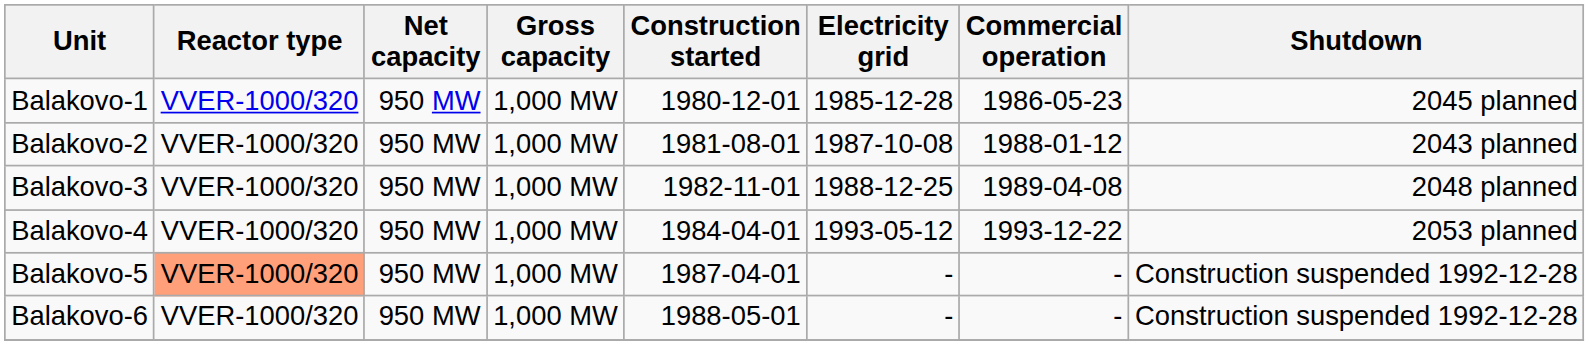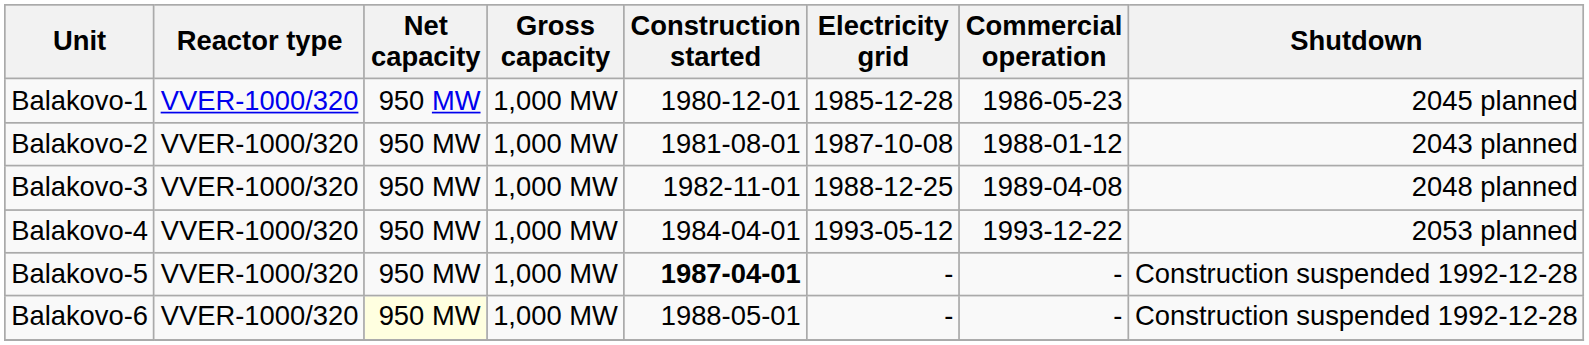 <table class="wikitable">
 <tr>
 <th>Unit</th>
 <th>Reactor type</th>
 <th>Net<br>capacity</th>
 <th>Gross<br>capacity</th>
 <th>Construction<br> started</th>
 <th>Electricity<br>grid</th>
 <th>Commercial<br>operation</th>
 <th>Shutdown</th>
 </tr>
 <tr>
 <td>Balakovo-1</td>
 <td><a href='#'>VVER-1000/320</a></td>
 <td align="right">950 <a href='#'>MW</a></td>
 <td align="right">1,000 MW</td>
 <td align="right">1980-12-01</td>
 <td align="right">1985-12-28</td>
 <td align="right">1986-05-23</td>
 <td align="right">2045 planned</td>
 </tr>
 <tr>
 <td>Balakovo-2</td>
 <td>VVER-1000/320</td>
 <td align="right">950 MW</td>
 <td align="right">1,000 MW</td>
 <td align="right">1981-08-01</td>
 <td align="right">1987-10-08</td>
 <td align="right">1988-01-12</td>
 <td align="right">2043 planned</td>
 </tr>
 <tr>
 <td>Balakovo-3</td>
 <td>VVER-1000/320</td>
 <td align="right">950 MW</td>
 <td align="right">1,000 MW</td>
 <td align="right">1982-11-01</td>
 <td align="right">1988-12-25</td>
 <td align="right">1989-04-08</td>
 <td align="right">2048 planned</td>
 </tr>
 <tr>
 <td>Balakovo-4</td>
 <td>VVER-1000/320</td>
 <td align="right">950 MW</td>
 <td align="right">1,000 MW</td>
 <td align="right">1984-04-01</td>
 <td align="right">1993-05-12</td>
 <td align="right">1993-12-22</td>
 <td align="right">2053 planned</td>
 </tr>
 <tr>
 <td>Balakovo-5</td>
-<td style="background: lightsalmon;">VVER-1000/320</td>
+<td>VVER-1000/320</td>
 <td align="right">950 MW</td>
 <td align="right">1,000 MW</td>
-<td align="right">1987-04-01</td>
+<td align="right"><strong>1987-04-01</strong></td>
 <td align="right">-</td>
 <td align="right">-</td>
 <td align="right">Construction suspended 1992-12-28</td>
 </tr>
 <tr>
 <td>Balakovo-6</td>
 <td>VVER-1000/320</td>
-<td align="right">950 MW</td>
+<td align="right" style="background: lightyellow;">950 MW</td>
 <td align="right">1,000 MW</td>
 <td align="right">1988-05-01</td>
 <td align="right">-</td>
 <td align="right">-</td>
 <td align="right">Construction suspended 1992-12-28</td>
 </tr>
 <tr>
 </tr>
 </table>
